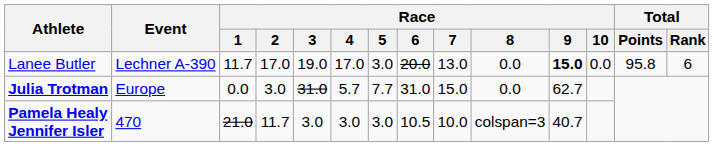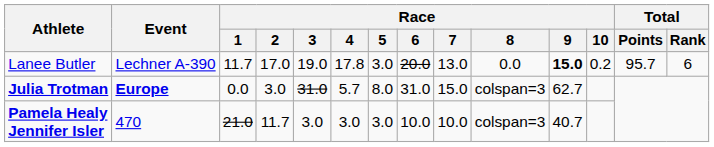 <table class=wikitable style=font-size:90%;text-align:center>
 <tr>
 <th rowspan=2>Athlete</th>
 <th rowspan=2>Event</th>
 <th colspan=10>Race</th>
 <th colspan=2>Total</th>
 </tr>
 <tr style=font-size:95%>
 <th>1</th>
 <th>2</th>
 <th>3</th>
 <th>4</th>
 <th>5</th>
 <th>6</th>
 <th>7</th>
 <th>8</th>
 <th>9</th>
 <th>10</th>
 <th>Points</th>
 <th>Rank</th>
 </tr>
 <tr>
 <td align=left><a href='#'>Lanee Butler</a></td>
 <td align=left><a href='#'>Lechner A-390</a></td>
 <td>11.7</td>
 <td>17.0</td>
 <td>19.0</td>
-<td>17.0</td>
+<td>17.8</td>
 <td>3.0</td>
 <td><s>20.0</s></td>
 <td>13.0</td>
 <td>0.0</td>
 <td><strong>15.0</strong></td>
-<td>0.0</td>
-<td>95.8</td>
+<td>0.2</td>
+<td>95.7</td>
 <td>6</td>
 </tr>
 <tr>
 <td align=left><strong><a href='#'>Julia Trotman</a></strong></td>
-<td align=left><a href='#'>Europe</a></td>
+<td align=left><strong><a href='#'>Europe</a></strong></td>
 <td>0.0</td>
 <td>3.0</td>
 <td><s>31.0</s></td>
 <td>5.7</td>
-<td>7.7</td>
+<td>8.0</td>
 <td>31.0</td>
 <td>15.0</td>
-<td>0.0</td>
+<td>colspan=3 </td>
 <td>62.7</td>
 <td></td>
 </tr>
 <tr>
 <td align=left><strong><a href='#'>Pamela Healy</a><br><a href='#'>Jennifer Isler</a></strong></td>
 <td align=left><a href='#'>470</a></td>
 <td><s>21.0</s></td>
 <td>11.7</td>
 <td>3.0</td>
 <td>3.0</td>
 <td>3.0</td>
-<td>10.5</td>
+<td>10.0</td>
 <td>10.0</td>
 <td>colspan=3 </td>
 <td>40.7</td>
 <td></td>
 </tr>
 </table>
